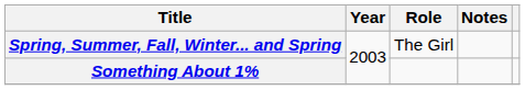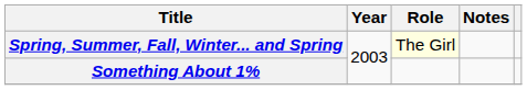 <table class="wikitable plainrowheaders sortable" style="margin-right: 0;">
 <tr>
 <th scope="col">Title</th>
 <th scope="col">Year</th>
 <th scope="col">Role</th>
 <th scope="col" class="unsortable">Notes</th>
 <th scope="col" class="unsortable"></th>
 </tr>
 <tr>
 <th scope="row"><em><a href='#'>Spring, Summer, Fall, Winter... and Spring</a></em></th>
 <td rowspan=2>2003</td>
-<td>The Girl</td>
+<td style="background: lightyellow;">The Girl</td>
 <td></td>
 <td style="text-align: center;"></td>
 </tr>
 <tr>
 <th scope="row"><em><a href='#'>Something About 1%</a></em></th>
 <td></td>
 <td></td>
 <td style="text-align: center;"></td>
 </tr>
 <tr>
 </tr>
 </table>
